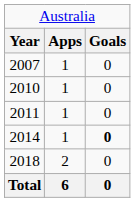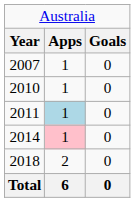 <table class="wikitable" style="text-align:center">
 <tr>
 <td colspan=3><a href='#'>Australia</a></td>
 </tr>
 <tr>
 <th>Year</th>
 <th>Apps</th>
 <th>Goals</th>
 </tr>
 <tr>
 <td>2007</td>
 <td>1</td>
 <td>0</td>
 </tr>
 <tr>
 <td>2010</td>
 <td>1</td>
 <td>0</td>
 </tr>
 <tr>
 <td>2011</td>
-<td>1</td>
+<td style="background: lightblue;">1</td>
 <td>0</td>
 </tr>
 <tr>
 <td>2014</td>
-<td>1</td>
-<td><strong>0</strong></td>
+<td style="background: pink;">1</td>
+<td>0</td>
 </tr>
 <tr>
 <td>2018</td>
 <td>2</td>
 <td>0</td>
 </tr>
 <tr>
 <th>Total</th>
 <th>6</th>
 <th>0</th>
 </tr>
 </table>
